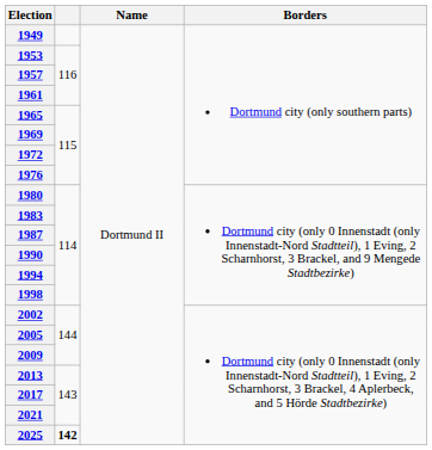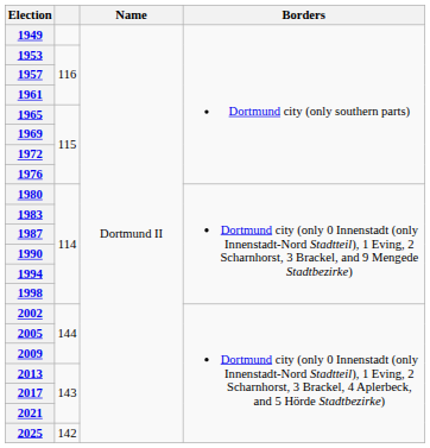 <table class=wikitable style="text-align:center">
 <tr>
 <th>Election</th>
 <th></th>
 <th width=125px>Name</th>
 <th width=300px>Borders</th>
 </tr>
 <tr>
 <th><a href='#'>1949</a></th>
 <td></td>
 <td rowspan=21>Dortmund II</td>
 <td rowspan=8><br><ul><li><a href='#'>Dortmund</a> city (only southern parts)</li></ul></td>
 </tr>
 <tr>
 <th><a href='#'>1953</a></th>
 <td rowspan=3>116</td>
 </tr>
 <tr>
 <th><a href='#'>1957</a></th>
 </tr>
 <tr>
 <th><a href='#'>1961</a></th>
 </tr>
 <tr>
 <th><a href='#'>1965</a></th>
 <td rowspan=4>115</td>
 </tr>
 <tr>
 <th><a href='#'>1969</a></th>
 </tr>
 <tr>
 <th><a href='#'>1972</a></th>
 </tr>
 <tr>
 <th><a href='#'>1976</a></th>
 </tr>
 <tr>
 <th><a href='#'>1980</a></th>
 <td rowspan=6>114</td>
 <td rowspan=6><br><ul><li><a href='#'>Dortmund</a> city (only 0 Innenstadt (only Innenstadt-Nord <em>Stadtteil</em>), 1 Eving, 2 Scharnhorst, 3 Brackel, and 9 Mengede <em>Stadtbezirke</em>)</li></ul></td>
 </tr>
 <tr>
 <th><a href='#'>1983</a></th>
 </tr>
 <tr>
 <th><a href='#'>1987</a></th>
 </tr>
 <tr>
 <th><a href='#'>1990</a></th>
 </tr>
 <tr>
 <th><a href='#'>1994</a></th>
 </tr>
 <tr>
 <th><a href='#'>1998</a></th>
 </tr>
 <tr>
 <th><a href='#'>2002</a></th>
 <td rowspan=3>144</td>
 <td rowspan=7><br><ul><li><a href='#'>Dortmund</a> city (only 0 Innenstadt (only Innenstadt-Nord <em>Stadtteil</em>), 1 Eving, 2 Scharnhorst, 3 Brackel, 4 Aplerbeck, and 5 Hörde <em>Stadtbezirke</em>)</li></ul></td>
 </tr>
 <tr>
 <th><a href='#'>2005</a></th>
 </tr>
 <tr>
 <th><a href='#'>2009</a></th>
 </tr>
 <tr>
 <th><a href='#'>2013</a></th>
 <td rowspan=3>143</td>
 </tr>
 <tr>
 <th><a href='#'>2017</a></th>
 </tr>
 <tr>
 <th><a href='#'>2021</a></th>
 </tr>
 <tr>
 <th><a href='#'>2025</a></th>
-<td><strong>142</strong></td>
+<td>142</td>
 </tr>
 </table>
